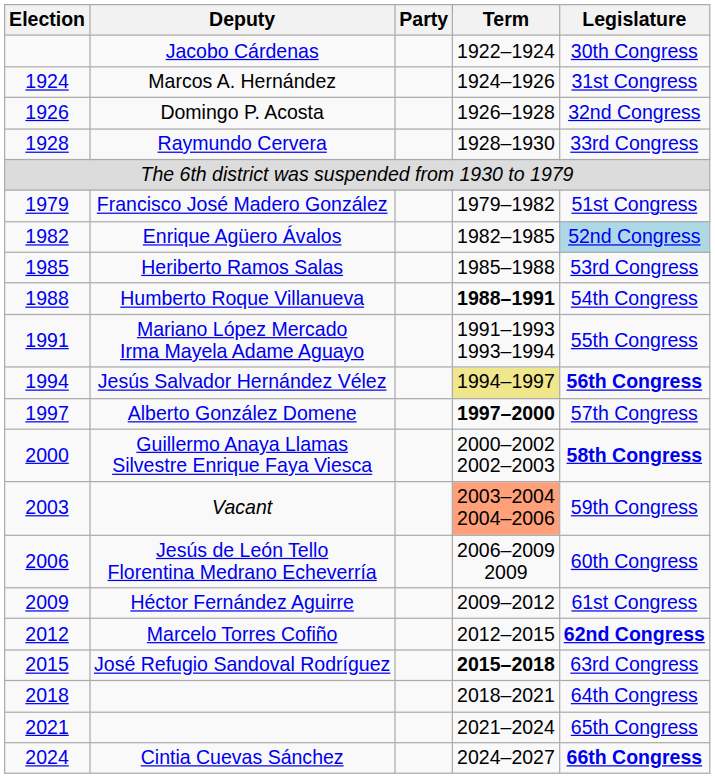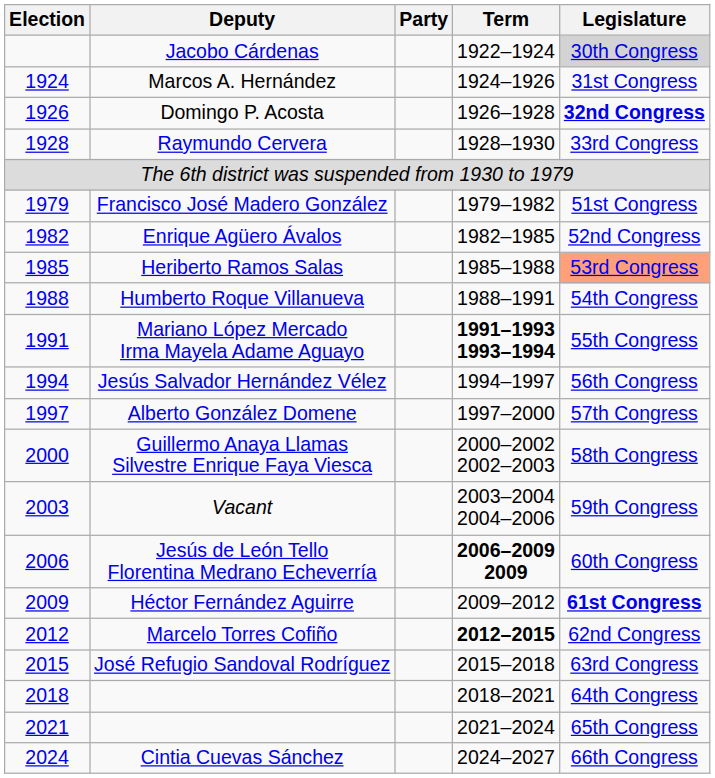 <table class="wikitable sortable" style="text-align: center">
 <tr>
 <th>Election</th>
 <th class="unsortable">Deputy</th>
 <th class="unsortable">Party</th>
 <th class="unsortable">Term</th>
 <th class="unsortable">Legislature</th>
 </tr>
 <tr>
 <td></td>
 <td><a href='#'>Jacobo Cárdenas</a></td>
 <td></td>
 <td>1922–1924</td>
-<td><a href='#'>30th Congress</a></td>
+<td style="background: lightgrey;"><a href='#'>30th Congress</a></td>
 </tr>
 <tr>
 <td><a href='#'>1924</a></td>
 <td>Marcos A. Hernández</td>
 <td></td>
 <td>1924–1926</td>
 <td><a href='#'>31st Congress</a></td>
 </tr>
 <tr>
 <td><a href='#'>1926</a></td>
 <td>Domingo P. Acosta</td>
 <td></td>
 <td>1926–1928</td>
-<td><a href='#'>32nd Congress</a></td>
+<td><strong><a href='#'>32nd Congress</a></strong></td>
 </tr>
 <tr>
 <td><a href='#'>1928</a></td>
 <td><a href='#'>Raymundo Cervera</a></td>
 <td></td>
 <td>1928–1930</td>
 <td><a href='#'>33rd Congress</a></td>
 </tr>
 <tr align=center style="background:Gainsboro;">
 <td colspan=5> <em>The 6th district was suspended from 1930 to 1979</em></td>
 </tr>
 <tr>
 <td><a href='#'>1979</a></td>
 <td><a href='#'>Francisco José Madero González</a></td>
 <td></td>
 <td>1979–1982</td>
 <td><a href='#'>51st Congress</a></td>
 </tr>
 <tr>
 <td><a href='#'>1982</a></td>
 <td><a href='#'>Enrique Agüero Ávalos</a></td>
 <td></td>
 <td>1982–1985</td>
-<td style="background: lightblue;"><a href='#'>52nd Congress</a></td>
+<td><a href='#'>52nd Congress</a></td>
 </tr>
 <tr>
 <td><a href='#'>1985</a></td>
 <td><a href='#'>Heriberto Ramos Salas</a></td>
 <td></td>
 <td>1985–1988</td>
-<td><a href='#'>53rd Congress</a></td>
+<td style="background: lightsalmon;"><a href='#'>53rd Congress</a></td>
 </tr>
 <tr>
 <td><a href='#'>1988</a></td>
 <td><a href='#'>Humberto Roque Villanueva</a></td>
 <td></td>
-<td><strong>1988–1991</strong></td>
+<td>1988–1991</td>
 <td><a href='#'>54th Congress</a></td>
 </tr>
 <tr>
 <td><a href='#'>1991</a></td>
 <td><a href='#'>Mariano López Mercado</a><br><a href='#'>Irma Mayela Adame Aguayo</a></td>
 <td></td>
-<td>1991–1993<br>1993–1994</td>
+<td><strong>1991–1993<br>1993–1994</strong></td>
 <td><a href='#'>55th Congress</a></td>
 </tr>
 <tr>
 <td><a href='#'>1994</a></td>
 <td><a href='#'>Jesús Salvador Hernández Vélez</a></td>
 <td></td>
-<td style="background: khaki;">1994–1997</td>
-<td><strong><a href='#'>56th Congress</a></strong></td>
+<td>1994–1997</td>
+<td><a href='#'>56th Congress</a></td>
 </tr>
 <tr>
 <td><a href='#'>1997</a></td>
 <td><a href='#'>Alberto González Domene</a></td>
 <td></td>
-<td><strong>1997–2000</strong></td>
+<td>1997–2000</td>
 <td><a href='#'>57th Congress</a></td>
 </tr>
 <tr>
 <td><a href='#'>2000</a></td>
 <td><a href='#'>Guillermo Anaya Llamas</a><br><a href='#'>Silvestre Enrique Faya Viesca</a></td>
 <td></td>
 <td>2000–2002<br>2002–2003</td>
-<td><strong><a href='#'>58th Congress</a></strong></td>
+<td><a href='#'>58th Congress</a></td>
 </tr>
 <tr>
 <td><a href='#'>2003</a></td>
 <td><em>Vacant</em><br> </td>
 <td> </td>
-<td style="background: lightsalmon;">2003–2004<br>2004–2006</td>
+<td>2003–2004<br>2004–2006</td>
 <td><a href='#'>59th Congress</a></td>
 </tr>
 <tr>
 <td><a href='#'>2006</a></td>
 <td><a href='#'>Jesús de León Tello</a><br><a href='#'>Florentina Medrano Echeverría</a></td>
 <td></td>
-<td>2006–2009<br>2009</td>
+<td><strong>2006–2009<br>2009</strong></td>
 <td><a href='#'>60th Congress</a></td>
 </tr>
 <tr>
 <td><a href='#'>2009</a></td>
 <td><a href='#'>Héctor Fernández Aguirre</a></td>
 <td></td>
 <td>2009–2012</td>
-<td><a href='#'>61st Congress</a></td>
+<td><strong><a href='#'>61st Congress</a></strong></td>
 </tr>
 <tr>
 <td><a href='#'>2012</a></td>
 <td><a href='#'>Marcelo Torres Cofiño</a></td>
 <td></td>
-<td>2012–2015</td>
-<td><strong><a href='#'>62nd Congress</a></strong></td>
+<td><strong>2012–2015</strong></td>
+<td><a href='#'>62nd Congress</a></td>
 </tr>
 <tr>
 <td><a href='#'>2015</a></td>
 <td><a href='#'>José Refugio Sandoval Rodríguez</a></td>
 <td></td>
-<td><strong>2015–2018</strong></td>
+<td>2015–2018</td>
 <td><a href='#'>63rd Congress</a></td>
 </tr>
 <tr>
 <td><a href='#'>2018</a></td>
 <td></td>
 <td> </td>
 <td>2018–2021</td>
 <td><a href='#'>64th Congress</a></td>
 </tr>
 <tr>
 <td><a href='#'>2021</a></td>
 <td></td>
 <td></td>
 <td>2021–2024</td>
 <td><a href='#'>65th Congress</a></td>
 </tr>
 <tr>
 <td><a href='#'>2024</a></td>
 <td><a href='#'>Cintia Cuevas Sánchez</a></td>
 <td></td>
 <td>2024–2027</td>
-<td><strong><a href='#'>66th Congress</a></strong></td>
+<td><a href='#'>66th Congress</a></td>
 </tr>
 </table>
